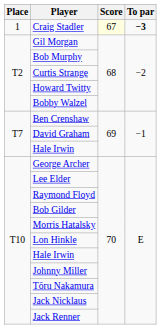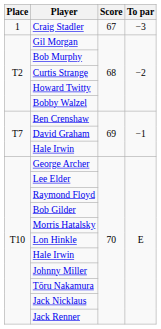 <table class="wikitable">
 <tr>
 <th>Place</th>
 <th>Player</th>
 <th>Score</th>
 <th>To par</th>
 </tr>
 <tr>
 <td align="center">1</td>
 <td> <a href='#'>Craig Stadler</a></td>
-<td align="center" style="background: lightyellow;">67</td>
-<td align="center"><strong>−3</strong></td>
+<td align="center">67</td>
+<td align="center">−3</td>
 </tr>
 <tr>
 <td rowspan=5 align="center">T2</td>
 <td> <a href='#'>Gil Morgan</a></td>
 <td rowspan=5 align="center">68</td>
 <td rowspan=5 align="center">−2</td>
 </tr>
 <tr>
 <td> <a href='#'>Bob Murphy</a></td>
 </tr>
 <tr>
 <td> <a href='#'>Curtis Strange</a></td>
 </tr>
 <tr>
 <td> <a href='#'>Howard Twitty</a></td>
 </tr>
 <tr>
 <td> <a href='#'>Bobby Walzel</a></td>
 </tr>
 <tr>
 <td rowspan=3 align="center">T7</td>
 <td> <a href='#'>Ben Crenshaw</a></td>
 <td rowspan=3 align="center">69</td>
 <td rowspan=3 align="center">−1</td>
 </tr>
 <tr>
 <td> <a href='#'>David Graham</a></td>
 </tr>
 <tr>
 <td> <a href='#'>Hale Irwin</a></td>
 </tr>
 <tr>
 <td rowspan=11 align="center">T10</td>
 <td> <a href='#'>George Archer</a></td>
 <td rowspan=11 align="center">70</td>
 <td rowspan=11 align="center">E</td>
 </tr>
 <tr>
 <td> <a href='#'>Lee Elder</a></td>
 </tr>
 <tr>
 <td> <a href='#'>Raymond Floyd</a></td>
 </tr>
 <tr>
 <td> <a href='#'>Bob Gilder</a></td>
 </tr>
 <tr>
 <td> <a href='#'>Morris Hatalsky</a></td>
 </tr>
 <tr>
 <td> <a href='#'>Lon Hinkle</a></td>
 </tr>
 <tr>
 <td> <a href='#'>Hale Irwin</a></td>
 </tr>
 <tr>
 <td> <a href='#'>Johnny Miller</a></td>
 </tr>
 <tr>
 <td> <a href='#'>Tōru Nakamura</a></td>
 </tr>
 <tr>
 <td> <a href='#'>Jack Nicklaus</a></td>
 </tr>
 <tr>
 <td> <a href='#'>Jack Renner</a></td>
 </tr>
 </table>
